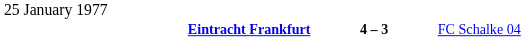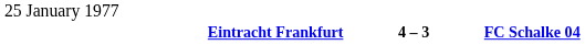 <table width=100% cellspacing=1>
 <tr>
 <th width=25%></th>
 <th width=10%></th>
 <th width=25%></th>
 <th></th>
 </tr>
 <tr>
 <td>25 January 1977</td>
 </tr>
 <tr style=font-size:90%>
 <td align=right><strong><a href='#'>Eintracht Frankfurt</a></strong></td>
 <td align=center><strong>4 – 3</strong></td>
-<td><a href='#'>FC Schalke 04</a></td>
+<td><strong><a href='#'>FC Schalke 04</a></strong></td>
 </tr>
 </table>
